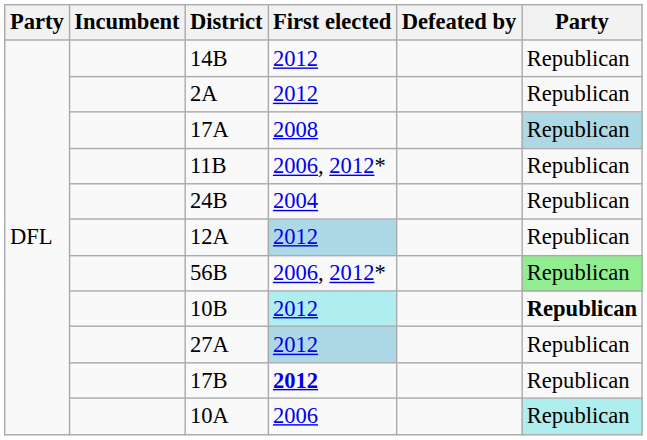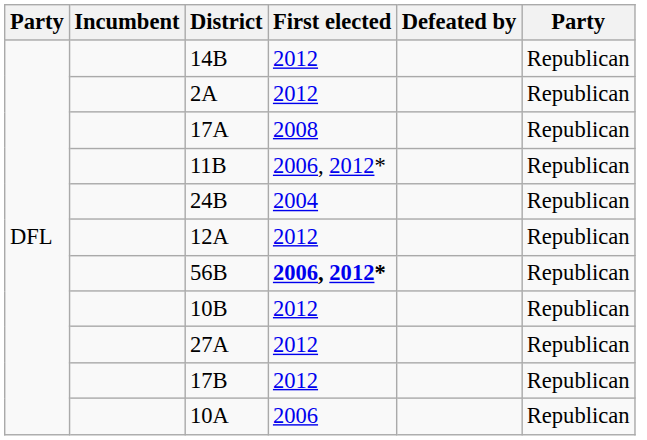 <table class="wikitable sortable">
 <tr>
 <th>Party</th>
 <th>Incumbent</th>
 <th>District</th>
 <th>First elected</th>
 <th>Defeated by</th>
 <th>Party</th>
 </tr>
 <tr>
 <td rowspan="11" >DFL</td>
 <td></td>
 <td data-sort-value="14.1">14B</td>
 <td><a href='#'>2012</a></td>
 <td></td>
 <td>Republican</td>
 </tr>
 <tr>
 <td></td>
 <td data-sort-value="2">2A</td>
 <td><a href='#'>2012</a></td>
 <td></td>
 <td>Republican</td>
 </tr>
 <tr>
 <td></td>
 <td data-sort-value="17">17A</td>
 <td><a href='#'>2008</a></td>
 <td></td>
-<td style="background: lightblue;">Republican</td>
+<td>Republican</td>
 </tr>
 <tr>
 <td></td>
 <td data-sort-value="11.1">11B</td>
 <td><a href='#'>2006</a>, <a href='#'>2012</a>*</td>
 <td></td>
 <td>Republican</td>
 </tr>
 <tr>
 <td></td>
 <td data-sort-value="24.1">24B</td>
 <td><a href='#'>2004</a></td>
 <td></td>
 <td>Republican</td>
 </tr>
 <tr>
 <td></td>
 <td data-sort-value="12">12A</td>
-<td style="background: lightblue;"><a href='#'>2012</a></td>
+<td><a href='#'>2012</a></td>
 <td></td>
 <td>Republican</td>
 </tr>
 <tr>
 <td></td>
 <td data-sort-value="56.1">56B</td>
-<td><a href='#'>2006</a>, <a href='#'>2012</a>*</td>
+<td><strong><a href='#'>2006</a>, <a href='#'>2012</a>*</strong></td>
 <td></td>
-<td style="background: lightgreen;">Republican</td>
+<td>Republican</td>
 </tr>
 <tr>
 <td></td>
 <td data-sort-value="10.1">10B</td>
-<td style="background: paleturquoise;"><a href='#'>2012</a></td>
+<td><a href='#'>2012</a></td>
 <td></td>
-<td><strong>Republican</strong></td>
+<td>Republican</td>
 </tr>
 <tr>
 <td></td>
 <td data-sort-value="27">27A</td>
-<td style="background: lightblue;"><a href='#'>2012</a></td>
+<td><a href='#'>2012</a></td>
 <td></td>
 <td>Republican</td>
 </tr>
 <tr>
 <td></td>
 <td data-sort-value="17.1">17B</td>
-<td><strong><a href='#'>2012</a></strong></td>
+<td><a href='#'>2012</a></td>
 <td></td>
 <td>Republican</td>
 </tr>
 <tr>
 <td></td>
 <td data-sort-value="10">10A</td>
 <td><a href='#'>2006</a></td>
 <td></td>
-<td style="background: paleturquoise;">Republican</td>
+<td>Republican</td>
 </tr>
 </table>
